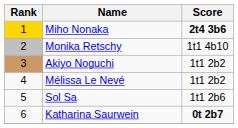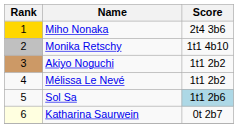 <table class="wikitable">
 <tr>
 <th width = "50">Rank</th>
 <th width = "200">Name</th>
 <th width = "70">Score</th>
 </tr>
 <tr>
 <td align="center" style="background: gold">1</td>
 <td> <a href='#'>Miho Nonaka</a></td>
-<td align="center"><strong>2t4 3b6</strong></td>
+<td align="center">2t4 3b6</td>
 </tr>
 <tr>
 <td align="center" style="background: silver">2</td>
 <td> <a href='#'>Monika Retschy</a></td>
 <td align="center">1t1 4b10</td>
 </tr>
 <tr>
 <td align="center" style="background: #cc9966">3</td>
 <td> <a href='#'>Akiyo Noguchi</a></td>
 <td align="center">1t1 2b2</td>
 </tr>
 <tr>
 <td align="center">4</td>
 <td> <a href='#'>Mélissa Le Nevé</a></td>
 <td align="center">1t1 2b2</td>
 </tr>
 <tr>
 <td align="center">5</td>
 <td> <a href='#'>Sol Sa</a></td>
-<td align="center">1t1 2b6</td>
+<td align="center" style="background: lightblue;">1t1 2b6</td>
 </tr>
 <tr>
-<td align="center">6</td>
+<td align="center" style="background: lightyellow;">6</td>
 <td> <a href='#'>Katharina Saurwein</a></td>
-<td align="center"><strong>0t 2b7</strong></td>
+<td align="center">0t 2b7</td>
 </tr>
 <tr>
 </tr>
 </table>
